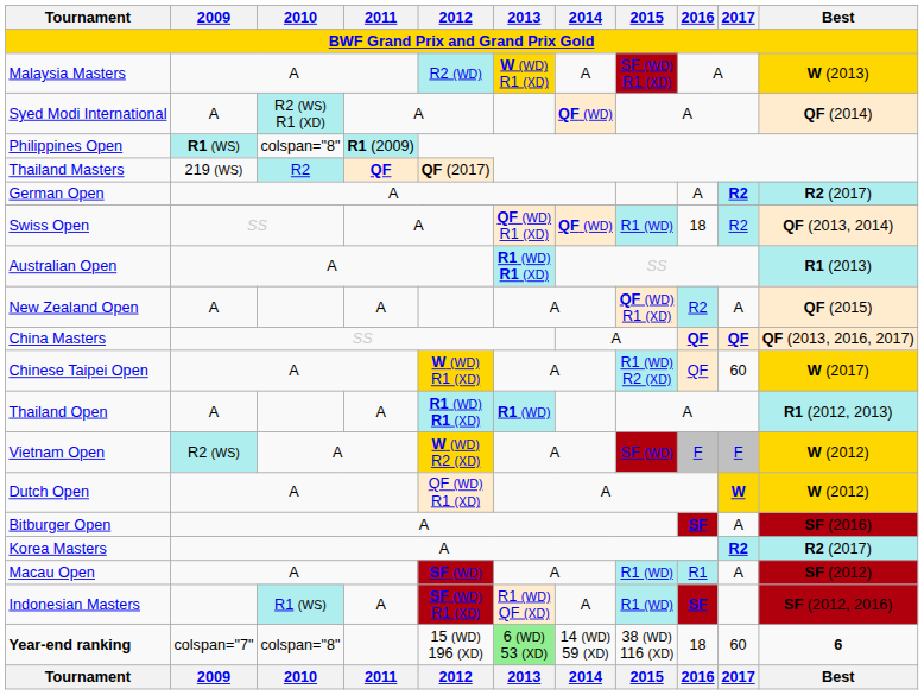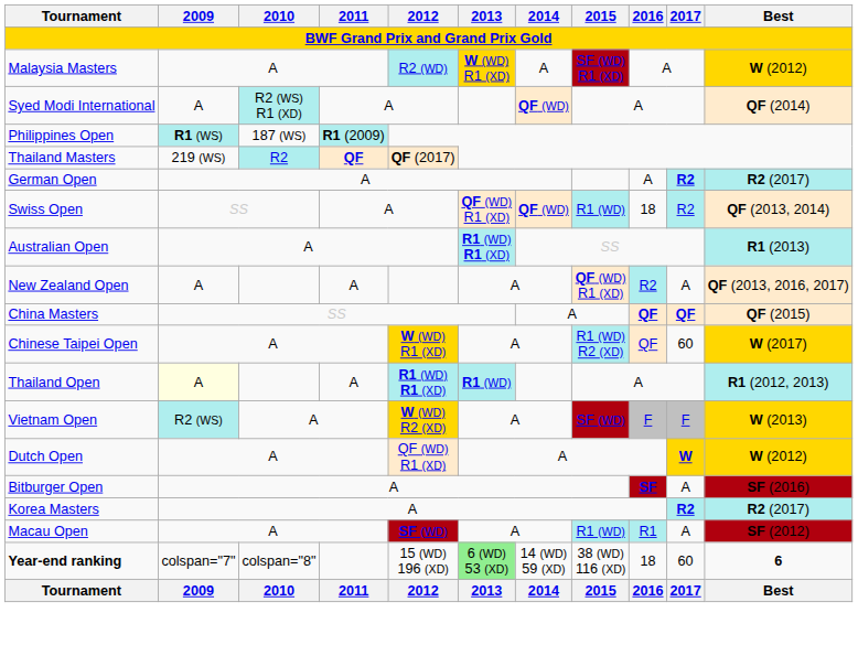 <table class="wikitable" style="font-size: 90%; text-align:center">
 <tr>
 <th>Tournament</th>
 <th><a href='#'>2009</a></th>
 <th><a href='#'>2010</a></th>
 <th><a href='#'>2011</a></th>
 <th><a href='#'>2012</a></th>
 <th><a href='#'>2013</a></th>
 <th><a href='#'>2014</a></th>
 <th><a href='#'>2015</a></th>
 <th><a href='#'>2016</a></th>
 <th><a href='#'>2017</a></th>
 <th>Best</th>
 </tr>
 <tr bgcolor=FFD700>
 <td colspan="11" align=center><strong><a href='#'>BWF Grand Prix and Grand Prix Gold</a></strong></td>
 </tr>
 <tr>
 <td align=left><a href='#'>Malaysia Masters</a></td>
 <td colspan="3">A</td>
 <td bgcolor=AFEEEE><a href='#'>R2 <small>(WD)</small></a></td>
 <td bgcolor=Gold><a href='#'><strong>W</strong> <small>(WD)</small></a> <br> <a href='#'>R1 <small>(XD)</small></a></td>
 <td>A</td>
 <td bgcolor=Bronze><a href='#'>SF <small>(WD)</small></a> <br> <a href='#'>R1 <small>(XD)</small></a></td>
 <td colspan="2">A</td>
-<td bgcolor=Gold><strong>W</strong> (2013)</td>
+<td bgcolor=Gold><strong>W</strong> (2012)</td>
 </tr>
 <tr>
 <td align=left><a href='#'>Syed Modi International</a></td>
 <td>A</td>
 <td bgcolor=AFEEEE>R2 <small>(WS)</small> <br> R1 <small>(XD)</small></td>
 <td colspan="2">A</td>
 <td></td>
 <td bgcolor=FFEBCD><a href='#'><strong>QF</strong> <small>(WD)</small></a></td>
 <td colspan="3">A</td>
 <td bgcolor=FFEBCD><strong>QF</strong> (2014)</td>
 </tr>
 <tr>
 <td align=left><a href='#'>Philippines Open</a></td>
 <td bgcolor=AFEEEE><strong>R1</strong> <small>(WS)</small></td>
-<td>colspan="8" </td>
+<td>187 <small>(WS)</small></td>
 <td bgcolor=AFEEEE><strong>R1</strong> (2009)</td>
 </tr>
 <tr>
 <td align=left><a href='#'>Thailand Masters</a></td>
 <td>219 <small>(WS)</small></td>
 <td bgcolor=AFEEEE><a href='#'>R2</a></td>
 <td bgcolor=FFEBCD><a href='#'><strong>QF</strong></a></td>
 <td bgcolor=FFEBCD><strong>QF</strong> (2017)</td>
 </tr>
 <tr>
 <td align=left><a href='#'>German Open</a></td>
 <td colspan="6">A</td>
 <td></td>
 <td>A</td>
 <td bgcolor=AFEEEE><a href='#'><strong>R2</strong></a></td>
 <td bgcolor=AFEEEE><strong>R2</strong> (2017)</td>
 </tr>
 <tr>
 <td align=left><a href='#'>Swiss Open</a></td>
 <td colspan="2" style=color:#ccc><em>SS</em></td>
 <td colspan="2">A</td>
 <td bgcolor=FFEBCD><a href='#'><strong>QF</strong> <small>(WD)</small></a> <br> <a href='#'>R1 <small>(XD)</small></a></td>
 <td bgcolor=FFEBCD><a href='#'><strong>QF</strong> <small>(WD)</small></a></td>
 <td bgcolor=AFEEEE><a href='#'>R1 <small>(WD)</small></a></td>
 <td>18</td>
 <td bgcolor=AFEEEE><a href='#'>R2</a></td>
 <td bgcolor=FFEBCD><strong>QF</strong> (2013, 2014)</td>
 </tr>
 <tr>
 <td align=left><a href='#'>Australian Open</a></td>
 <td colspan="4">A</td>
 <td bgcolor=AFEEEE><a href='#'><strong>R1</strong> <small>(WD)</small></a> <br> <a href='#'><strong>R1</strong> <small>(XD)</small></a></td>
 <td colspan="4" style=color:#ccc><em>SS</em></td>
 <td bgcolor=AFEEEE><strong>R1</strong> (2013)</td>
 </tr>
 <tr>
 <td align=left><a href='#'>New Zealand Open</a></td>
 <td>A</td>
 <td></td>
 <td>A</td>
 <td></td>
 <td colspan="2">A</td>
 <td bgcolor=FFEBCD><a href='#'><strong>QF</strong> <small>(WD)</small></a> <br> <a href='#'>R1 <small>(XD)</small></a></td>
 <td bgcolor=AFEEEE><a href='#'>R2</a></td>
 <td>A</td>
-<td bgcolor=FFEBCD><strong>QF</strong> (2015)</td>
+<td bgcolor=FFEBCD><strong>QF</strong> (2013, 2016, 2017)</td>
 </tr>
 <tr>
 <td align=left><a href='#'>China Masters</a></td>
 <td colspan="5" style="color:#ccc"><em>SS</em></td>
 <td colspan="2">A</td>
 <td bgcolor=FFEBCD><a href='#'><strong>QF</strong></a></td>
 <td bgcolor=FFEBCD><a href='#'><strong>QF</strong></a></td>
-<td bgcolor=FFEBCD><strong>QF</strong> (2013, 2016, 2017)</td>
+<td bgcolor=FFEBCD><strong>QF</strong> (2015)</td>
 </tr>
 <tr>
 <td align=left><a href='#'>Chinese Taipei Open</a></td>
 <td colspan="3">A</td>
 <td bgcolor=Gold><a href='#'><strong>W</strong> <small>(WD)</small></a> <br> <a href='#'>R1 <small>(XD)</small></a></td>
 <td colspan="2">A</td>
 <td bgcolor=AFEEEE><a href='#'>R1 <small>(WD)</small></a> <br> <a href='#'>R2 <small>(XD)</small></a></td>
 <td bgcolor=FFEBCD><a href='#'>QF</a></td>
 <td>60</td>
 <td bgcolor=Gold><strong>W</strong> (2017)</td>
 </tr>
 <tr>
 <td align=left><a href='#'>Thailand Open</a></td>
-<td>A</td>
+<td style="background: lightyellow;">A</td>
 <td></td>
 <td>A</td>
 <td bgcolor=AFEEEE><a href='#'><strong>R1</strong> <small>(WD)</small></a> <br> <a href='#'><strong>R1</strong> <small>(XD)</small></a></td>
 <td bgcolor=AFEEEE><a href='#'><strong>R1</strong> <small>(WD)</small></a></td>
 <td></td>
 <td colspan="3">A</td>
 <td bgcolor=AFEEEE><strong>R1</strong> (2012, 2013)</td>
 </tr>
 <tr>
 <td align=left><a href='#'>Vietnam Open</a></td>
 <td bgcolor=AFEEEE>R2 <small>(WS)</small></td>
 <td colspan="2">A</td>
 <td bgcolor=Gold><a href='#'><strong>W</strong> <small>(WD)</small></a> <br> <a href='#'>R2 <small>(XD)</small></a></td>
 <td colspan="2">A</td>
 <td bgcolor=Bronze><a href='#'>SF <small>(WD)</small></a></td>
 <td bgcolor=Silver><a href='#'>F</a></td>
 <td bgcolor=Silver><a href='#'>F</a></td>
-<td bgcolor=Gold><strong>W</strong> (2012)</td>
+<td bgcolor=Gold><strong>W</strong> (2013)</td>
 </tr>
 <tr>
 <td align=left><a href='#'>Dutch Open</a></td>
 <td colspan="3">A</td>
 <td bgcolor=FFEBCD><a href='#'>QF <small>(WD)</small></a> <br> <a href='#'>R1 <small>(XD)</small></a></td>
 <td colspan="4">A</td>
 <td bgcolor=Gold><a href='#'><strong>W</strong></a></td>
 <td bgcolor=Gold><strong>W</strong> (2012)</td>
 </tr>
 <tr>
 <td align=left><a href='#'>Bitburger Open</a></td>
 <td colspan="7">A</td>
 <td bgcolor=Bronze><a href='#'><strong>SF</strong></a></td>
 <td>A</td>
 <td bgcolor=Bronze><strong>SF</strong> (2016)</td>
 </tr>
 <tr>
 <td align=left><a href='#'>Korea Masters</a></td>
 <td colspan="8">A</td>
 <td bgcolor=AFEEEE><a href='#'><strong>R2</strong></a></td>
 <td bgcolor=AFEEEE><strong>R2</strong> (2017)</td>
 </tr>
 <tr>
 <td align=left><a href='#'>Macau Open</a></td>
 <td colspan="3">A</td>
 <td bgcolor=Bronze><a href='#'><strong>SF</strong> <small>(WD)</small></a></td>
 <td colspan="2">A</td>
 <td bgcolor=AFEEEE><a href='#'>R1 <small>(WD)</small></a></td>
 <td bgcolor=AFEEEE><a href='#'>R1</a></td>
 <td>A</td>
 <td bgcolor=Bronze><strong>SF</strong> (2012)</td>
 </tr>
 <tr>
-<td align=left><a href='#'>Indonesian Masters</a></td>
-<td></td>
-<td bgcolor=AFEEEE><a href='#'>R1</a> <small>(WS)</small></td>
-<td>A</td>
-<td bgcolor=Bronze><a href='#'><strong>SF</strong> <small>(WD)</small></a> <br> <a href='#'>R1 <small>(XD)</small></a></td>
-<td bgcolor=FFEBCD><a href='#'>R1 <small>(WD)</small></a> <br> <a href='#'>QF <small>(XD)</small></a></td>
-<td>A</td>
-<td bgcolor=AFEEEE><a href='#'>R1 <small>(WD)</small></a></td>
-<td bgcolor=Bronze><a href='#'><strong>SF</strong></a></td>
-<td></td>
-<td bgcolor=Bronze><strong>SF</strong> (2012, 2016)</td>
-</tr>
-<tr>
 <td align=left><strong>Year-end ranking</strong></td>
 <td>colspan="7" </td>
 <td>colspan="8" </td>
 <td></td>
 <td>15 <small>(WD)</small> <br> 196 <small>(XD)</small></td>
 <td style="background: lightgreen;">6 <small>(WD)</small> <br> 53 <small>(XD)</small></td>
 <td>14 <small>(WD)</small> <br> 59 <small>(XD)</small></td>
 <td>38 <small>(WD)</small> <br> 116 <small>(XD)</small></td>
 <td>18</td>
 <td>60</td>
 <td><strong>6</strong></td>
 </tr>
 <tr>
 <th>Tournament</th>
 <th><a href='#'>2009</a></th>
 <th><a href='#'>2010</a></th>
 <th><a href='#'>2011</a></th>
 <th><a href='#'>2012</a></th>
 <th><a href='#'>2013</a></th>
 <th><a href='#'>2014</a></th>
 <th><a href='#'>2015</a></th>
 <th><a href='#'>2016</a></th>
 <th><a href='#'>2017</a></th>
 <th>Best</th>
 </tr>
 </table>
